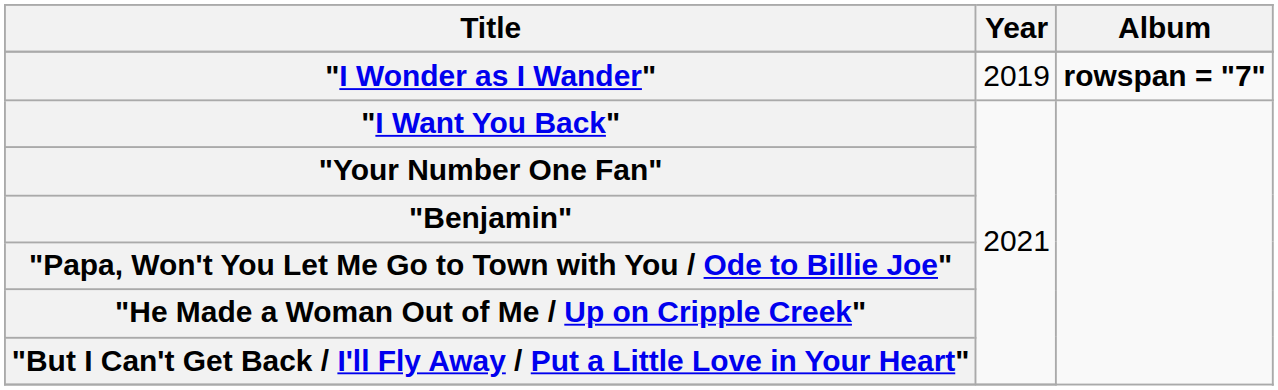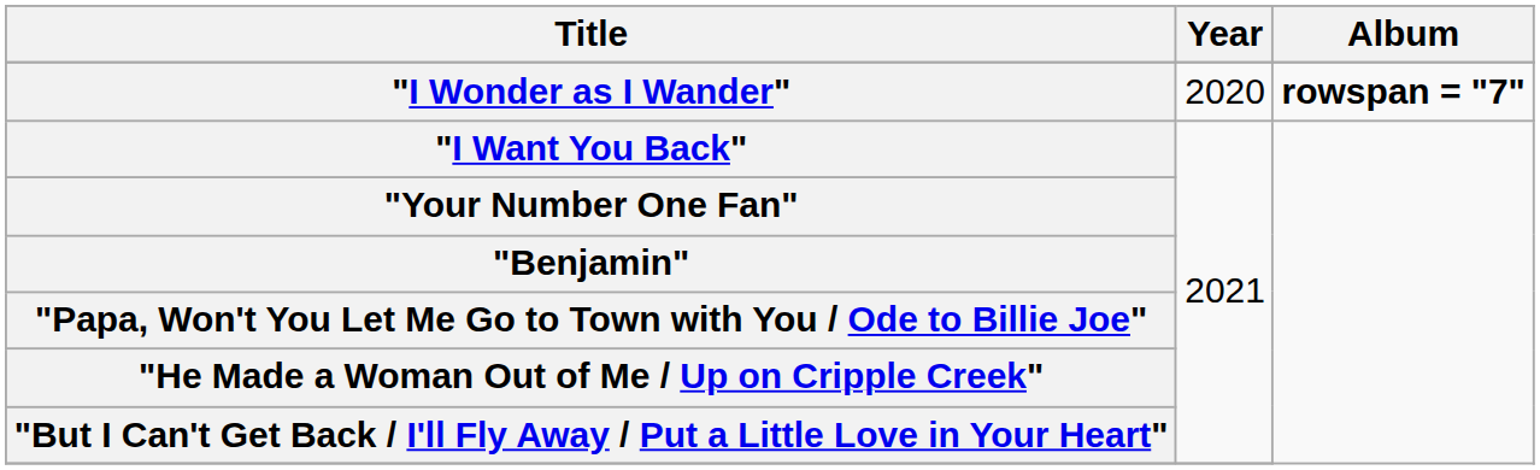 <table class="wikitable plainrowheaders" style=text-align:center;>
 <tr>
 <th scope="col">Title</th>
 <th scope="col">Year</th>
 <th scope="col">Album</th>
 </tr>
 <tr>
 </tr>
 <tr>
 <th scope="row">"<a href='#'>I Wonder as I Wander</a>" </th>
-<td>2019</td>
+<td>2020</td>
 <td><strong>rowspan = "7" </strong></td>
 </tr>
 <tr>
 <th scope="row">"<a href='#'>I Want You Back</a>" </th>
 <td rowspan = "6">2021</td>
 </tr>
 <tr>
 <th scope="row">"Your Number One Fan" </th>
 </tr>
 <tr>
 <th scope="row">"Benjamin" </th>
 </tr>
 <tr>
 <th scope="row">"Papa, Won't You Let Me Go to Town with You / <a href='#'>Ode to Billie Joe</a>" </th>
 </tr>
 <tr>
 <th scope="row">"He Made a Woman Out of Me / <a href='#'>Up on Cripple Creek</a>" </th>
 </tr>
 <tr>
 <th scope="row">"But I Can't Get Back / <a href='#'>I'll Fly Away</a> / <a href='#'>Put a Little Love in Your Heart</a>" </th>
 </tr>
 <tr>
 </tr>
 </table>
